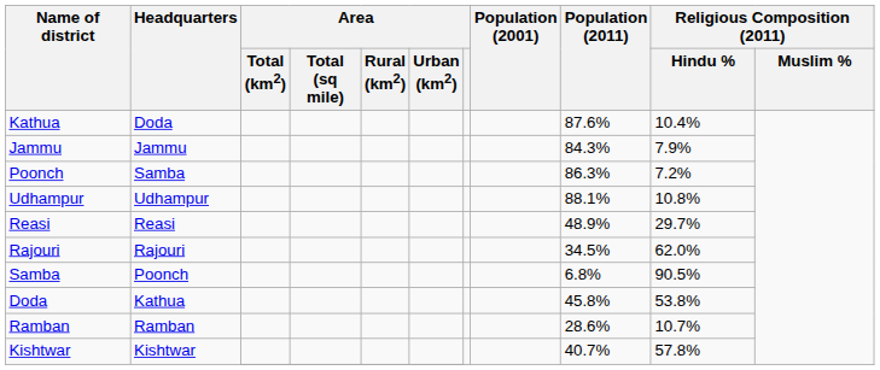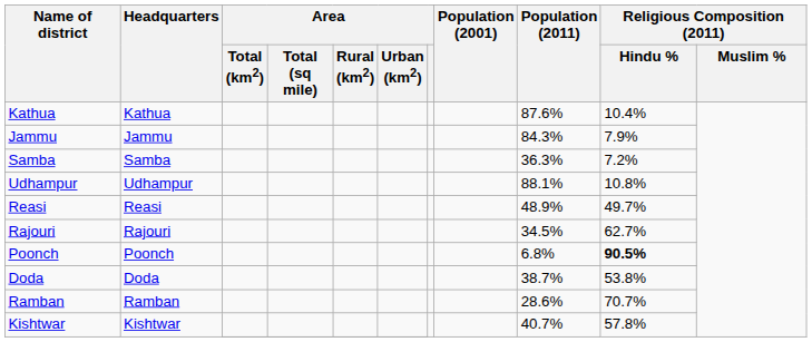 <table class="wikitable sortable" style="margin-bottom: 0;">
 <tr style="vertical-align:top;">
 <th rowspan=2>Name of district</th>
 <th rowspan=2 class=unsortable>Headquarters</th>
 <th colspan=5>Area</th>
 <th rowspan=2>Population <br> (2001)</th>
 <th rowspan=2>Population <br> (2011)</th>
 <th colspan="2">Religious Composition (2011)</th>
 </tr>
 <tr style="vertical-align:top;">
 <th>Total <br> (km<sup>2</sup>)</th>
 <th class=unsortable>Total <br> (sq mile)</th>
 <th>Rural <br> (km<sup>2</sup>)</th>
 <th>Urban <br> (km<sup>2</sup>)</th>
 <th class=unsortable></th>
 <th>Hindu %</th>
 <th>Muslim %</th>
 </tr>
 <tr style="vertical-align:top;">
 <td><a href='#'>Kathua</a></td>
-<td><a href='#'>Doda</a></td>
+<td><a href='#'>Kathua</a></td>
 <td></td>
 <td style="text-align:right;"></td>
 <td style="text-align:right;"></td>
 <td></td>
 <td style="text-align:right;"></td>
 <td style="text-align:right;"></td>
 <td>87.6%</td>
 <td>10.4%</td>
 </tr>
 <tr style="vertical-align:top;">
 <td><a href='#'>Jammu</a></td>
 <td><a href='#'>Jammu</a></td>
 <td></td>
 <td style="text-align:right;"> </td>
 <td style="text-align:right;"></td>
 <td></td>
 <td style="text-align:right;"></td>
 <td style="text-align:right;"></td>
 <td>84.3%</td>
 <td>7.9%</td>
 </tr>
 <tr style="vertical-align:top;">
-<td><a href='#'>Poonch</a></td>
+<td><a href='#'>Samba</a></td>
 <td><a href='#'>Samba</a></td>
 <td></td>
 <td style="text-align:right;"></td>
 <td style="text-align:right;"></td>
 <td></td>
 <td style="text-align:right;"></td>
 <td style="text-align:right;"></td>
-<td>86.3%</td>
+<td>36.3%</td>
 <td>7.2%</td>
 </tr>
 <tr>
 <td><a href='#'>Udhampur</a></td>
 <td><a href='#'>Udhampur</a></td>
 <td></td>
 <td style="text-align:right;"></td>
 <td style="text-align:right;"></td>
 <td></td>
 <td style="text-align:right;"></td>
 <td style="text-align:right;"></td>
 <td>88.1%</td>
 <td>10.8%</td>
 </tr>
 <tr style="vertical-align:top;">
 <td><a href='#'>Reasi</a></td>
 <td><a href='#'>Reasi</a></td>
 <td></td>
 <td style="text-align:right;"></td>
 <td style="text-align:right;"></td>
 <td></td>
 <td style="text-align:right;"></td>
 <td style="text-align:right;"></td>
 <td>48.9%</td>
-<td>29.7%</td>
+<td>49.7%</td>
 </tr>
 <tr style="vertical-align:top;">
 <td><a href='#'>Rajouri</a></td>
 <td><a href='#'>Rajouri</a></td>
 <td></td>
 <td style="text-align:right;"></td>
 <td style="text-align:right;"></td>
 <td></td>
 <td style="text-align:right;"></td>
 <td style="text-align:right;"></td>
 <td>34.5%</td>
-<td>62.0%</td>
+<td>62.7%</td>
 </tr>
 <tr style="vertical-align:top;">
-<td><a href='#'>Samba</a></td>
+<td><a href='#'>Poonch</a></td>
 <td><a href='#'>Poonch</a></td>
 <td></td>
 <td style="text-align:right;"></td>
 <td style="text-align:right;"></td>
 <td></td>
 <td style="text-align:right;"></td>
 <td style="text-align:right;"></td>
 <td>6.8%</td>
-<td>90.5%</td>
+<td><strong>90.5%</strong></td>
 </tr>
 <tr style="vertical-align:top;">
 <td><a href='#'>Doda</a></td>
-<td><a href='#'>Kathua</a></td>
+<td><a href='#'>Doda</a></td>
 <td></td>
 <td style="text-align:right;"></td>
 <td style="text-align:right;"></td>
 <td></td>
 <td style="text-align:right;"></td>
 <td style="text-align:right;"></td>
-<td>45.8%</td>
+<td>38.7%</td>
 <td>53.8%</td>
 </tr>
 <tr style="vertical-align:top;">
 <td><a href='#'>Ramban</a></td>
 <td><a href='#'>Ramban</a></td>
 <td></td>
 <td style="text-align:right;"></td>
 <td style="text-align:right;"></td>
 <td></td>
 <td style="text-align:right;"></td>
 <td style="text-align:right;"></td>
 <td>28.6%</td>
-<td>10.7%</td>
+<td>70.7%</td>
 </tr>
 <tr style="vertical-align:top;">
 <td rowspan=2><a href='#'>Kishtwar</a></td>
 <td rowspan=2><a href='#'>Kishtwar</a></td>
 <td></td>
 <td style="text-align:right;"></td>
 <td style="text-align:right;"></td>
 <td></td>
 <td style="text-align:right;" rowspan=2></td>
 <td style="text-align:right;" rowspan=2></td>
 <td rowspan="2">40.7%</td>
 <td rowspan="2">57.8%</td>
 </tr>
 <tr style="vertical-align:top;">
 </tr>
 </table>
